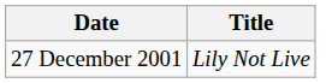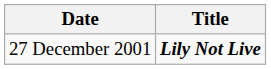 <table class="wikitable" style="text-align:center;">
 <tr>
 <th>Date</th>
 <th>Title</th>
 </tr>
 <tr>
 <td>27 December 2001</td>
-<td><em>Lily Not Live</em></td>
+<td><strong><em>Lily Not Live</em></strong></td>
 </tr>
 </table>
